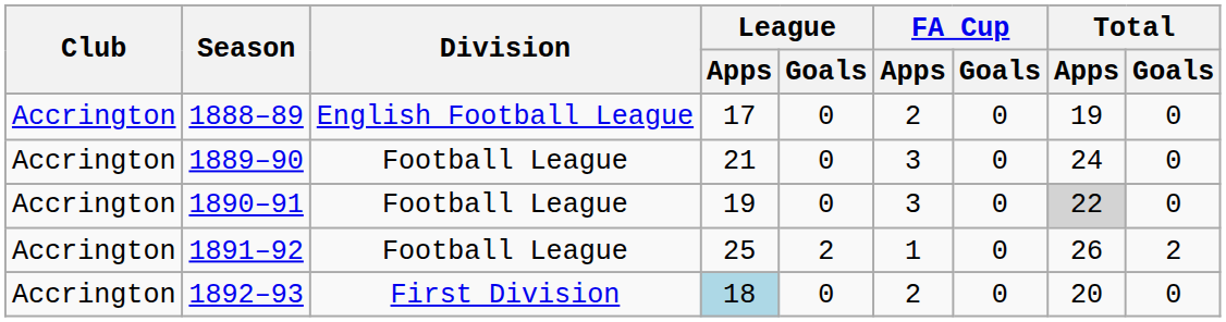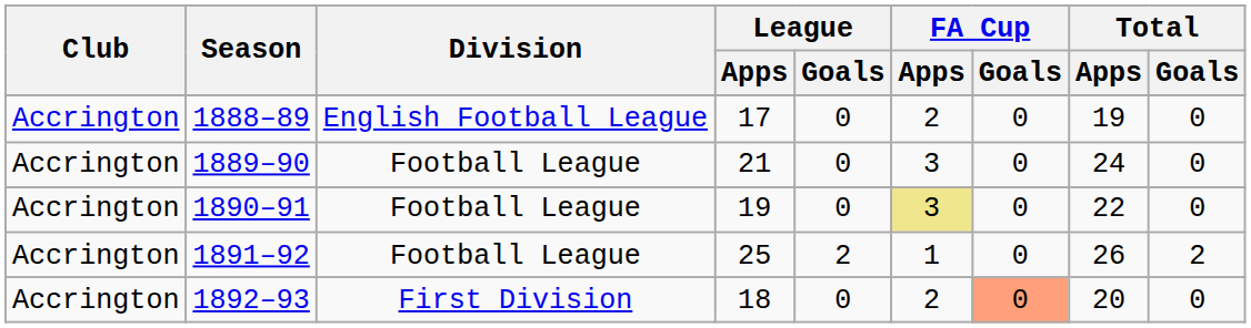 <table class="wikitable" style="text-align:center;">
 <tr>
 <th rowspan="2">Club</th>
 <th rowspan="2">Season</th>
 <th rowspan="2">Division</th>
 <th colspan="2">League</th>
 <th colspan="2"><a href='#'>FA Cup</a></th>
 <th colspan="2">Total</th>
 </tr>
 <tr>
 <th>Apps</th>
 <th>Goals</th>
 <th>Apps</th>
 <th>Goals</th>
 <th>Apps</th>
 <th>Goals</th>
 </tr>
 <tr>
 <td><a href='#'>Accrington</a></td>
 <td><a href='#'>1888–89</a></td>
 <td><a href='#'>English Football League</a></td>
 <td>17</td>
 <td>0</td>
 <td>2</td>
 <td>0</td>
 <td>19</td>
 <td>0</td>
 </tr>
 <tr>
 <td>Accrington</td>
 <td><a href='#'>1889–90</a></td>
 <td>Football League</td>
 <td>21</td>
 <td>0</td>
 <td>3</td>
 <td>0</td>
 <td>24</td>
 <td>0</td>
 </tr>
 <tr>
 <td>Accrington</td>
 <td><a href='#'>1890–91</a></td>
 <td>Football League</td>
 <td>19</td>
 <td>0</td>
-<td>3</td>
+<td style="background: khaki;">3</td>
 <td>0</td>
-<td style="background: lightgrey;">22</td>
+<td>22</td>
 <td>0</td>
 </tr>
 <tr>
 <td>Accrington</td>
 <td><a href='#'>1891–92</a></td>
 <td>Football League</td>
 <td>25</td>
 <td>2</td>
 <td>1</td>
 <td>0</td>
 <td>26</td>
 <td>2</td>
 </tr>
 <tr>
 <td>Accrington</td>
 <td><a href='#'>1892–93</a></td>
 <td><a href='#'>First Division</a></td>
-<td style="background: lightblue;">18</td>
+<td>18</td>
 <td>0</td>
 <td>2</td>
-<td>0</td>
+<td style="background: lightsalmon;">0</td>
 <td>20</td>
 <td>0</td>
 </tr>
 </table>
